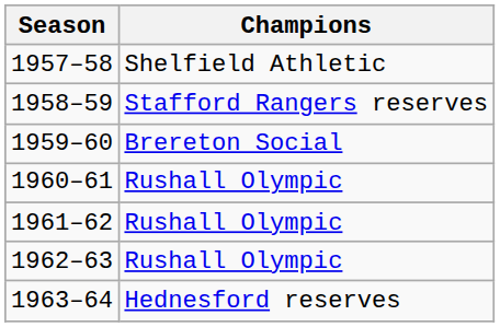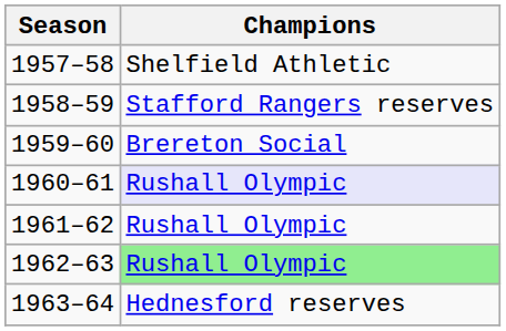 <table class=wikitable>
 <tr>
 <th>Season</th>
 <th>Champions</th>
 </tr>
 <tr>
 <td>1957–58</td>
 <td>Shelfield Athletic</td>
 </tr>
 <tr>
 <td>1958–59</td>
 <td><a href='#'>Stafford Rangers</a> reserves</td>
 </tr>
 <tr>
 <td>1959–60</td>
 <td><a href='#'>Brereton Social</a></td>
 </tr>
 <tr>
 <td>1960–61</td>
-<td><a href='#'>Rushall Olympic</a></td>
+<td style="background: lavender;"><a href='#'>Rushall Olympic</a></td>
 </tr>
 <tr>
 <td>1961–62</td>
 <td><a href='#'>Rushall Olympic</a></td>
 </tr>
 <tr>
 <td>1962–63</td>
-<td><a href='#'>Rushall Olympic</a></td>
+<td style="background: lightgreen;"><a href='#'>Rushall Olympic</a></td>
 </tr>
 <tr>
 <td>1963–64</td>
 <td><a href='#'>Hednesford</a> reserves</td>
 </tr>
 </table>
